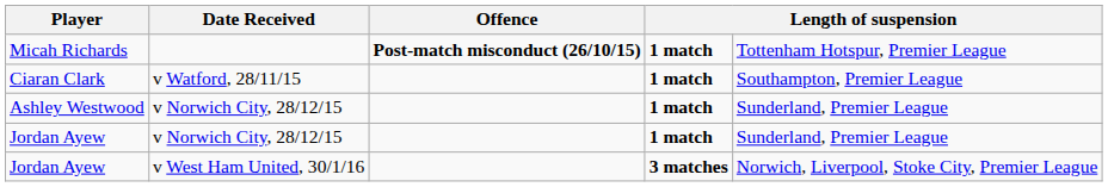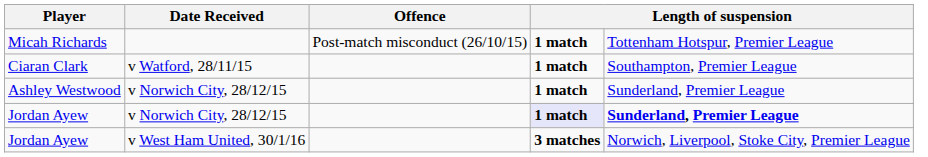 <table class="wikitable">
 <tr>
 <th>Player</th>
 <th>Date Received</th>
 <th>Offence</th>
 <th colspan="3">Length of suspension</th>
 </tr>
 <tr>
 <td> <a href='#'>Micah Richards</a></td>
 <td></td>
-<td><strong>Post-match misconduct (26/10/15)</strong></td>
+<td>Post-match misconduct (26/10/15)</td>
 <td><strong>1 match</strong></td>
 <td><a href='#'>Tottenham Hotspur</a>, <a href='#'>Premier League</a></td>
 </tr>
 <tr>
 <td> <a href='#'>Ciaran Clark</a></td>
 <td> v <a href='#'>Watford</a>, 28/11/15</td>
 <td></td>
 <td><strong>1 match</strong></td>
 <td><a href='#'>Southampton</a>, <a href='#'>Premier League</a></td>
 </tr>
 <tr>
 <td> <a href='#'>Ashley Westwood</a></td>
 <td> v <a href='#'>Norwich City</a>, 28/12/15</td>
 <td></td>
 <td><strong>1 match</strong></td>
 <td><a href='#'>Sunderland</a>, <a href='#'>Premier League</a></td>
 </tr>
 <tr>
 <td> <a href='#'>Jordan Ayew</a></td>
 <td> v <a href='#'>Norwich City</a>, 28/12/15</td>
 <td></td>
-<td><strong>1 match</strong></td>
-<td><a href='#'>Sunderland</a>, <a href='#'>Premier League</a></td>
+<td style="background: lavender;"><strong>1 match</strong></td>
+<td><strong><a href='#'>Sunderland</a>, <a href='#'>Premier League</a></strong></td>
 </tr>
 <tr>
 <td> <a href='#'>Jordan Ayew</a></td>
 <td> v <a href='#'>West Ham United</a>, 30/1/16</td>
 <td></td>
 <td><strong>3 matches</strong></td>
 <td><a href='#'>Norwich</a>, <a href='#'>Liverpool</a>, <a href='#'>Stoke City</a>, <a href='#'>Premier League</a></td>
 </tr>
 </table>
